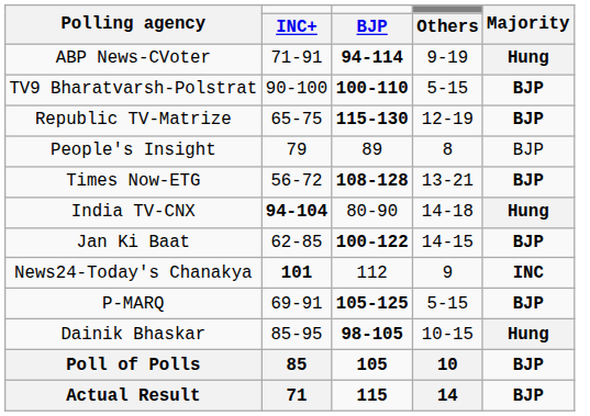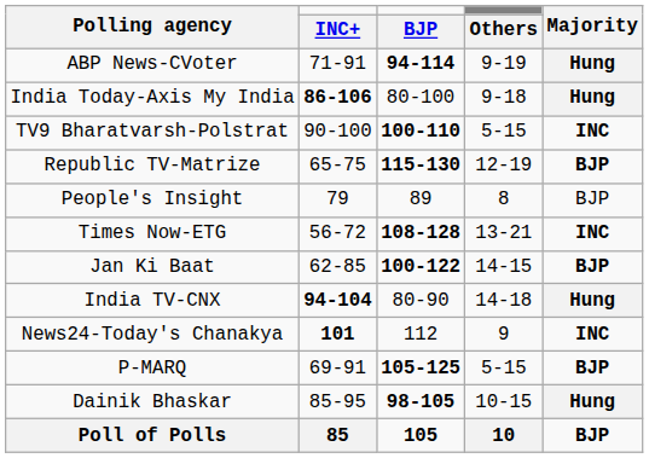 <table class="wikitable" style="text-align:center;font-size:95%;line-height:16px;">
 <tr>
 <th rowspan="2">Polling agency</th>
 <td></td>
 <td></td>
 <td style="background:gray;"></td>
 <th rowspan="2">Majority</th>
 </tr>
 <tr>
 <th><a href='#'>INC+</a></th>
 <th><a href='#'>BJP</a></th>
 <th>Others</th>
 </tr>
 <tr>
 <td>ABP News-CVoter</td>
 <td>71-91</td>
 <td><strong>94-114</strong></td>
 <td>9-19</td>
 <th>Hung</th>
 </tr>
 <tr>
+<td>India Today-Axis My India</td>
+<td><strong>86-106</strong></td>
+<td>80-100</td>
+<td>9-18</td>
+<th>Hung</th>
+</tr>
+<tr>
 <td>TV9 Bharatvarsh-Polstrat</td>
 <td>90-100</td>
 <td><strong>100-110</strong></td>
 <td>5-15</td>
-<td><strong>BJP</strong></td>
+<td><strong>INC</strong></td>
 </tr>
 <tr>
 <td>Republic TV-Matrize</td>
 <td>65-75</td>
 <td><strong>115-130</strong></td>
 <td>12-19</td>
 <td><strong>BJP</strong></td>
 </tr>
 <tr>
 <td>People's Insight</td>
 <td>79</td>
 <td>89</td>
 <td>8</td>
 <td>BJP</td>
 </tr>
 <tr>
 <td>Times Now-ETG</td>
 <td>56-72</td>
 <td><strong>108-128</strong></td>
 <td>13-21</td>
+<td><strong>INC</strong></td>
+</tr>
+<tr>
+<td>Jan Ki Baat</td>
+<td>62-85</td>
+<td><strong>100-122</strong></td>
+<td>14-15</td>
 <td><strong>BJP</strong></td>
 </tr>
 <tr>
 <td>India TV-CNX</td>
 <td><strong>94-104</strong></td>
 <td>80-90</td>
 <td>14-18</td>
 <th>Hung</th>
-</tr>
-<tr>
-<td>Jan Ki Baat</td>
-<td>62-85</td>
-<td><strong>100-122</strong></td>
-<td>14-15</td>
-<td><strong>BJP</strong></td>
 </tr>
 <tr>
 <td>News24-Today's Chanakya</td>
 <td><strong>101</strong></td>
 <td>112</td>
 <td>9</td>
 <td><strong>INC</strong></td>
 </tr>
 <tr>
 <td>P-MARQ</td>
 <td>69-91</td>
 <td><strong>105-125</strong></td>
 <td>5-15</td>
 <td><strong>BJP</strong></td>
 </tr>
 <tr>
 <td>Dainik Bhaskar</td>
 <td>85-95</td>
 <td><strong>98-105</strong></td>
 <td>10-15</td>
 <th>Hung</th>
 </tr>
 <tr>
 <th>Poll of Polls</th>
 <th>85</th>
 <td><strong>105</strong></td>
 <th>10</th>
 <td><strong>BJP</strong></td>
 </tr>
-<tr>
-<th>Actual Result</th>
-<th>71</th>
-<td><strong>115</strong></td>
-<th>14</th>
-<td><strong>BJP</strong></td>
-</tr>
 </table>
